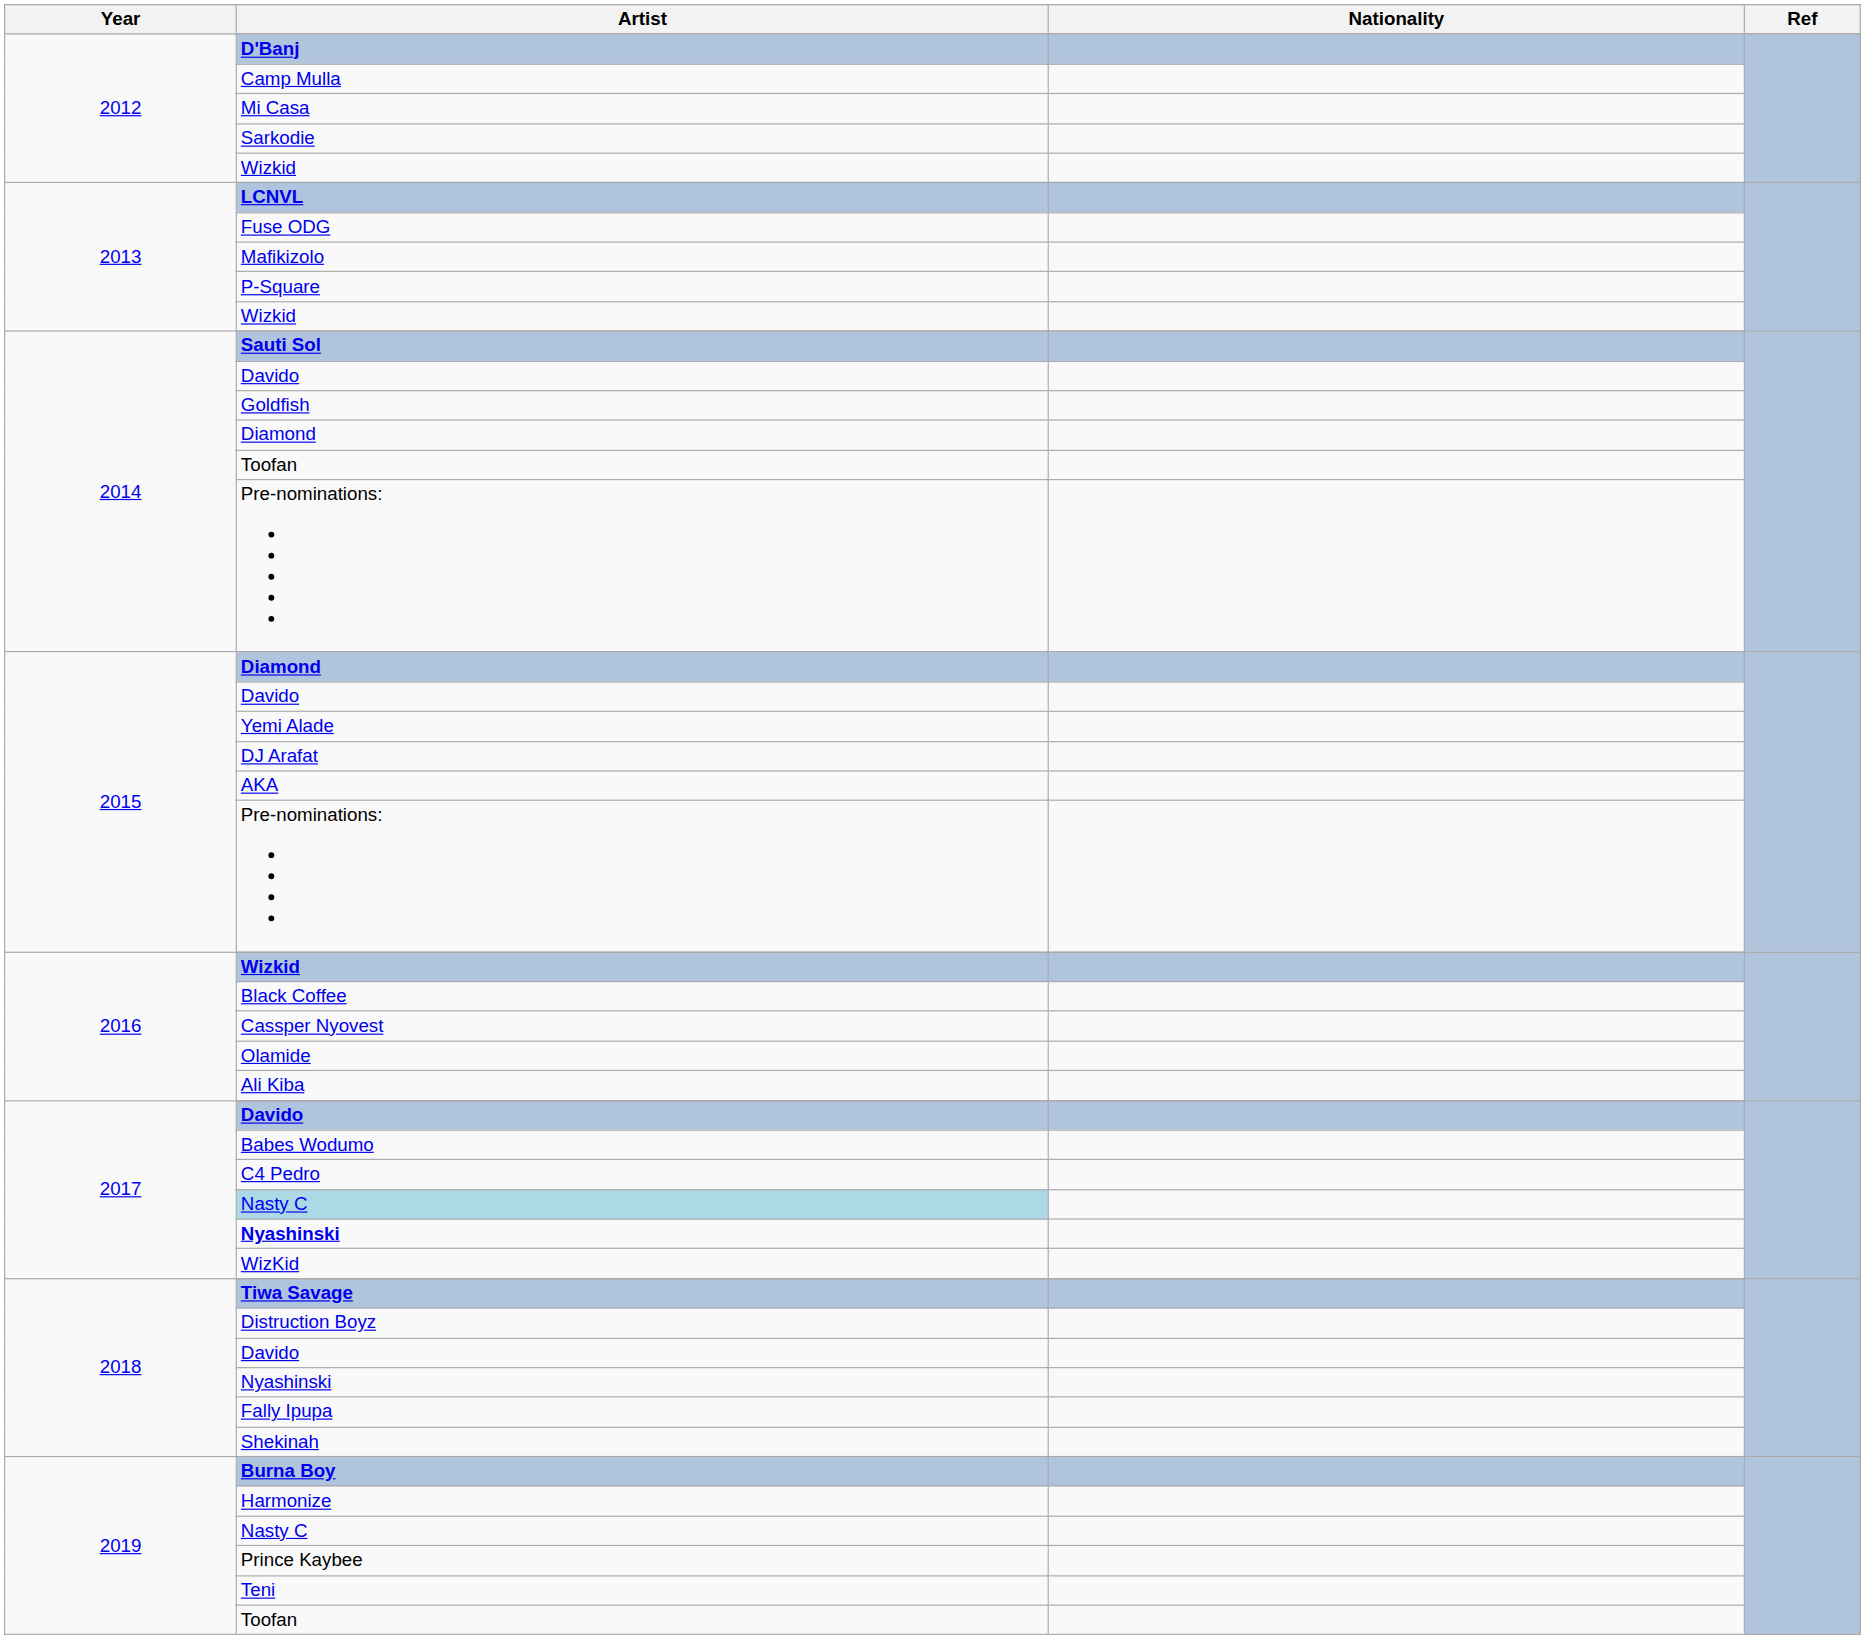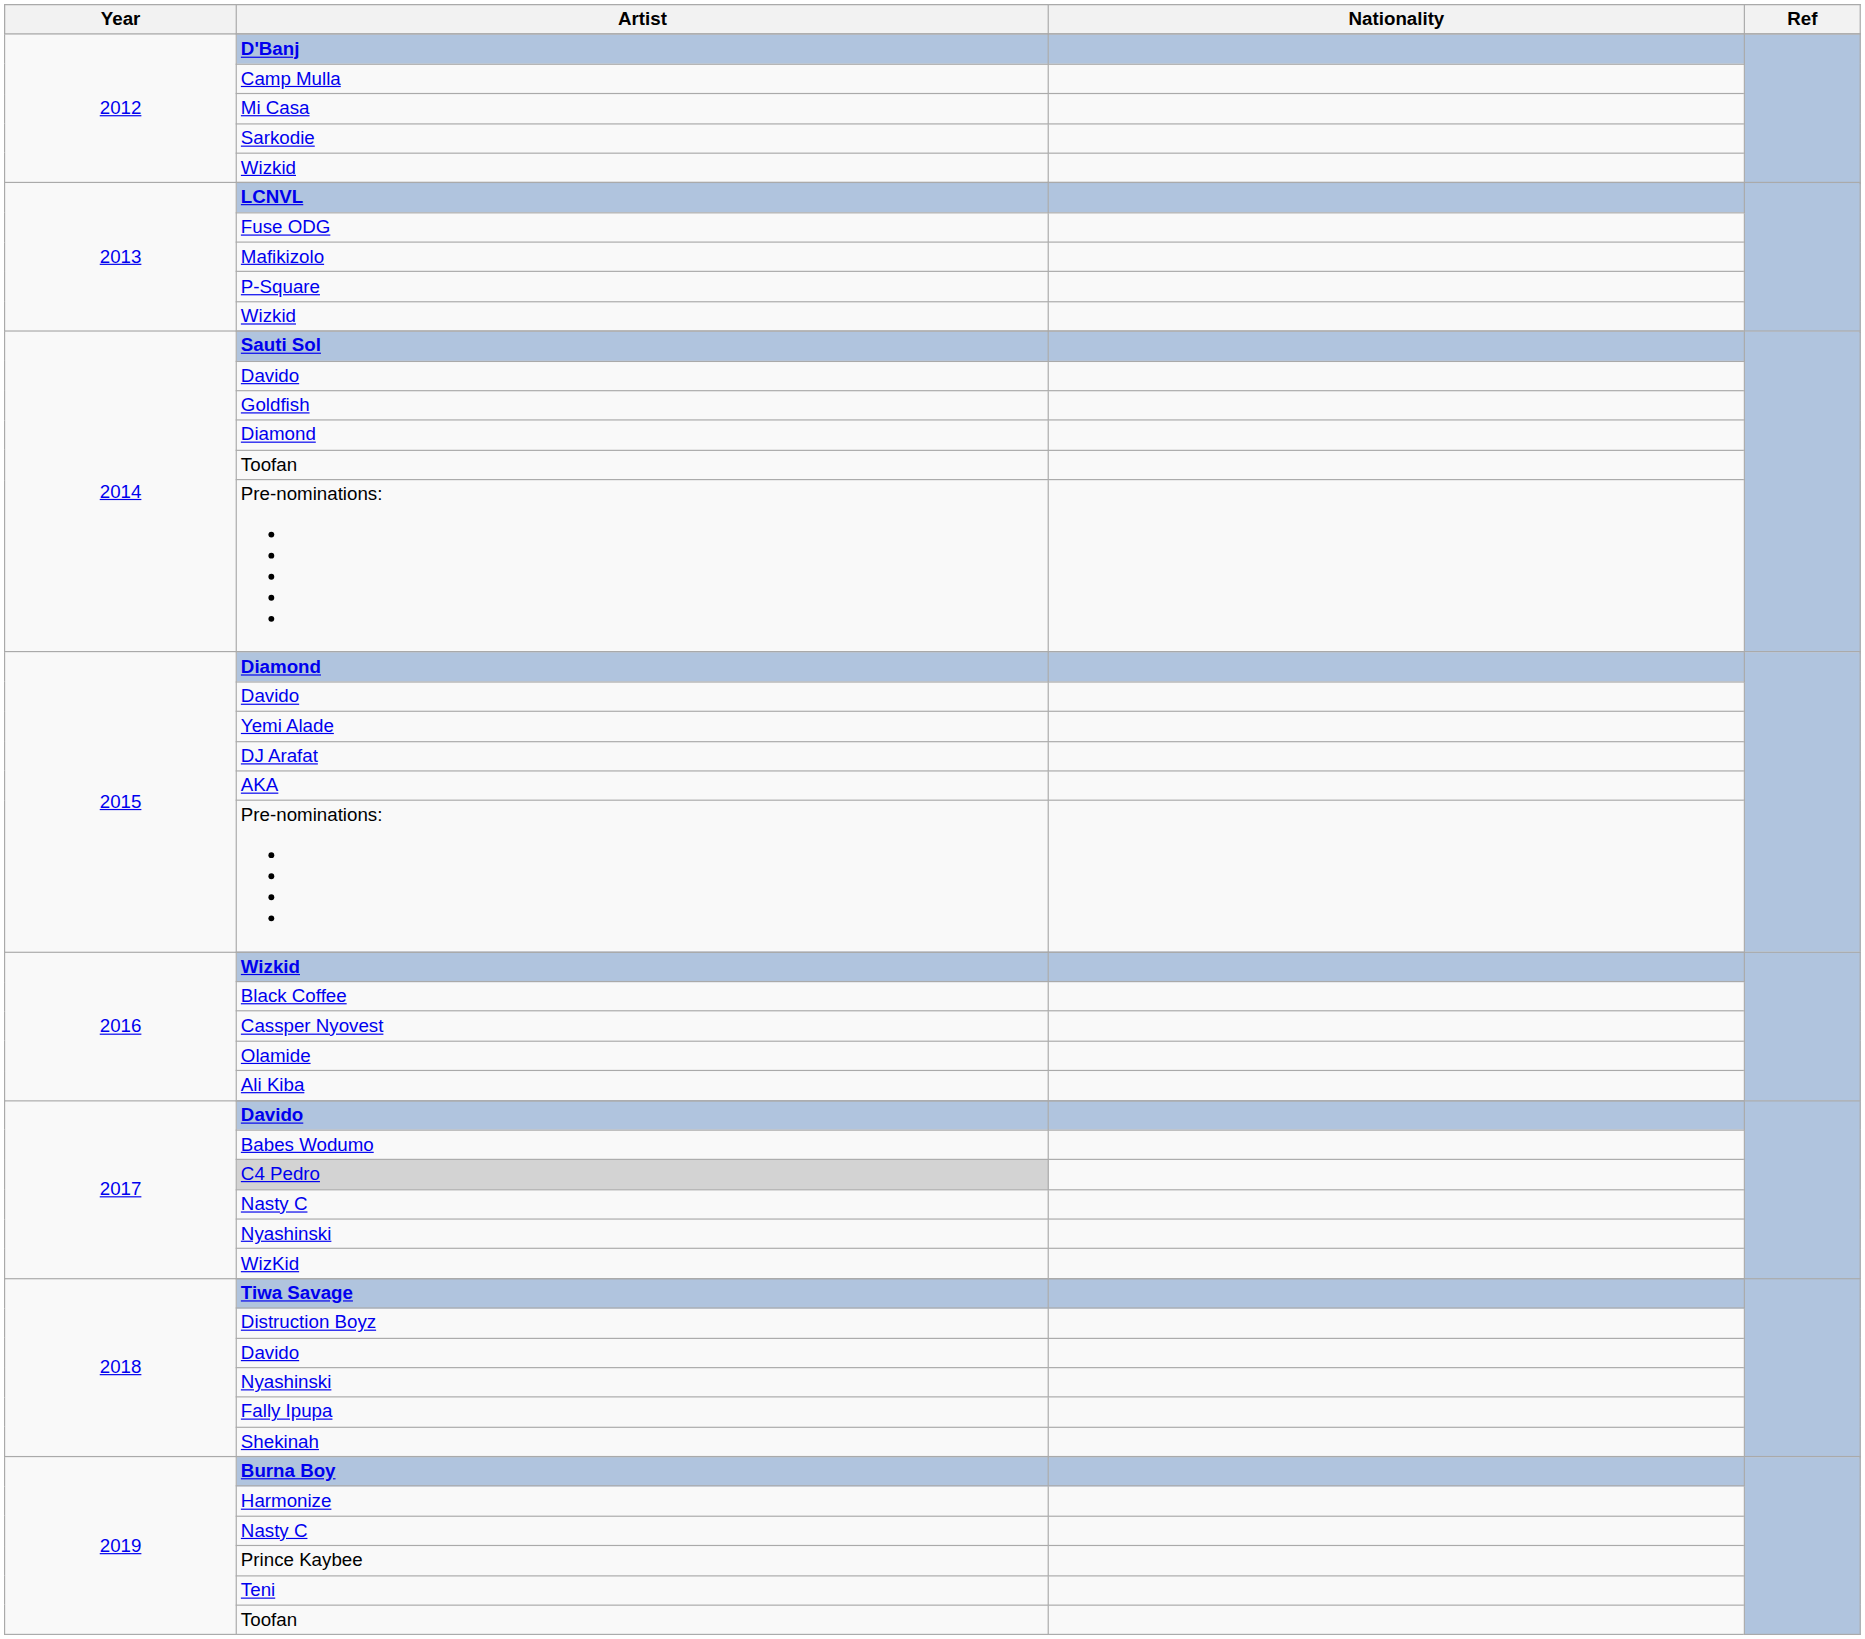 <table class="wikitable" style="width:80%;">
 <tr style="background:#bebebe;">
 <th style="width:10%;">Year</th>
 <th style="width:35%;">Artist</th>
 <th style="width:30%;">Nationality</th>
 <th style="width:5%;">Ref</th>
 </tr>
 <tr>
 <td rowspan="6" align="center"><a href='#'>2012</a></td>
 </tr>
 <tr style="background:#B0C4DE">
 <td><strong><a href='#'>D'Banj</a></strong></td>
 <td><strong></strong></td>
 <td rowspan="6" align="center"></td>
 </tr>
 <tr>
 <td><a href='#'>Camp Mulla</a></td>
 <td></td>
 </tr>
 <tr>
 <td><a href='#'>Mi Casa</a></td>
 <td></td>
 </tr>
 <tr>
 <td><a href='#'>Sarkodie</a></td>
 <td></td>
 </tr>
 <tr>
 <td><a href='#'>Wizkid</a></td>
 <td></td>
 </tr>
 <tr>
 <td rowspan="6" align="center"><a href='#'>2013</a></td>
 </tr>
 <tr style="background:#B0C4DE">
 <td><strong><a href='#'>LCNVL</a></strong></td>
 <td><strong></strong></td>
 <td rowspan="6" align="center"></td>
 </tr>
 <tr>
 <td><a href='#'>Fuse ODG</a></td>
 <td></td>
 </tr>
 <tr>
 <td><a href='#'>Mafikizolo</a></td>
 <td></td>
 </tr>
 <tr>
 <td><a href='#'>P-Square</a></td>
 <td></td>
 </tr>
 <tr>
 <td><a href='#'>Wizkid</a></td>
 <td></td>
 </tr>
 <tr>
 <td rowspan="7" align="center"><a href='#'>2014</a></td>
 </tr>
 <tr style="background:#B0C4DE">
 <td><strong><a href='#'>Sauti Sol</a></strong></td>
 <td><strong></strong></td>
 <td rowspan="7" align="center"></td>
 </tr>
 <tr>
 <td><a href='#'>Davido</a></td>
 <td></td>
 </tr>
 <tr>
 <td><a href='#'>Goldfish</a></td>
 <td></td>
 </tr>
 <tr>
 <td><a href='#'>Diamond</a></td>
 <td></td>
 </tr>
 <tr>
 <td>Toofan</td>
 <td></td>
 </tr>
 <tr>
 <td>Pre-nominations:<br><ul><li></li><li></li><li></li><li></li><li></li></ul></td>
 <td></td>
 </tr>
 <tr>
 <td rowspan="7" align="center"><a href='#'>2015</a></td>
 </tr>
 <tr style="background:#B0C4DE">
 <td><strong><a href='#'>Diamond</a></strong></td>
 <td><strong></strong></td>
 <td rowspan="7" align="center"></td>
 </tr>
 <tr>
 <td><a href='#'>Davido</a></td>
 <td></td>
 </tr>
 <tr>
 <td><a href='#'>Yemi Alade</a></td>
 <td></td>
 </tr>
 <tr>
 <td><a href='#'>DJ Arafat</a></td>
 <td></td>
 </tr>
 <tr>
 <td><a href='#'>AKA</a></td>
 <td></td>
 </tr>
 <tr>
 <td>Pre-nominations:<br><ul><li></li><li></li><li></li><li></li></ul></td>
 <td></td>
 </tr>
 <tr>
 <td rowspan="6" align="center"><a href='#'>2016</a></td>
 </tr>
 <tr style="background:#B0C4DE">
 <td><strong><a href='#'>Wizkid</a></strong></td>
 <td><strong></strong></td>
 <td rowspan="6" align="center"></td>
 </tr>
 <tr>
 <td><a href='#'>Black Coffee</a></td>
 <td></td>
 </tr>
 <tr>
 <td><a href='#'>Cassper Nyovest</a></td>
 <td></td>
 </tr>
 <tr>
 <td><a href='#'>Olamide</a></td>
 <td></td>
 </tr>
 <tr>
 <td><a href='#'>Ali Kiba</a></td>
 <td></td>
 </tr>
 <tr>
 <td rowspan="7" align="center"><a href='#'>2017</a></td>
 </tr>
 <tr style="background:#B0C4DE">
 <td><strong><a href='#'>Davido</a></strong></td>
 <td><strong></strong></td>
 <td rowspan="7" align="center"></td>
 </tr>
 <tr>
 <td><a href='#'>Babes Wodumo</a></td>
 <td></td>
 </tr>
 <tr>
-<td><a href='#'>C4 Pedro</a></td>
+<td style="background: lightgrey;"><a href='#'>C4 Pedro</a></td>
 <td></td>
 </tr>
 <tr>
-<td style="background: lightblue;"><a href='#'>Nasty C</a></td>
+<td><a href='#'>Nasty C</a></td>
 <td></td>
 </tr>
 <tr>
-<td><strong><a href='#'>Nyashinski</a></strong></td>
+<td><a href='#'>Nyashinski</a></td>
 <td></td>
 </tr>
 <tr>
 <td><a href='#'>WizKid</a></td>
 <td></td>
 </tr>
 <tr>
 <td rowspan="7" align="center"><a href='#'>2018</a></td>
 </tr>
 <tr style="background:#B0C4DE">
 <td><strong><a href='#'>Tiwa Savage</a></strong></td>
 <td><strong></strong></td>
 <td rowspan="7" align="center"></td>
 </tr>
 <tr>
 <td><a href='#'>Distruction Boyz</a></td>
 <td></td>
 </tr>
 <tr>
 <td><a href='#'>Davido</a></td>
 <td></td>
 </tr>
 <tr>
 <td><a href='#'>Nyashinski</a></td>
 <td></td>
 </tr>
 <tr>
 <td><a href='#'>Fally Ipupa</a></td>
 <td></td>
 </tr>
 <tr>
 <td><a href='#'>Shekinah</a></td>
 <td></td>
 </tr>
 <tr>
 <td rowspan="7" align="center"><a href='#'>2019</a></td>
 </tr>
 <tr style="background:#B0C4DE">
 <td><strong><a href='#'>Burna Boy</a></strong></td>
 <td><strong></strong></td>
 <td rowspan="7" align="center"></td>
 </tr>
 <tr>
 <td><a href='#'>Harmonize</a></td>
 <td></td>
 </tr>
 <tr>
 <td><a href='#'>Nasty C</a></td>
 <td></td>
 </tr>
 <tr>
 <td>Prince Kaybee</td>
 <td></td>
 </tr>
 <tr>
 <td><a href='#'>Teni</a></td>
 <td></td>
 </tr>
 <tr>
 <td>Toofan</td>
 <td></td>
 </tr>
 </table>
